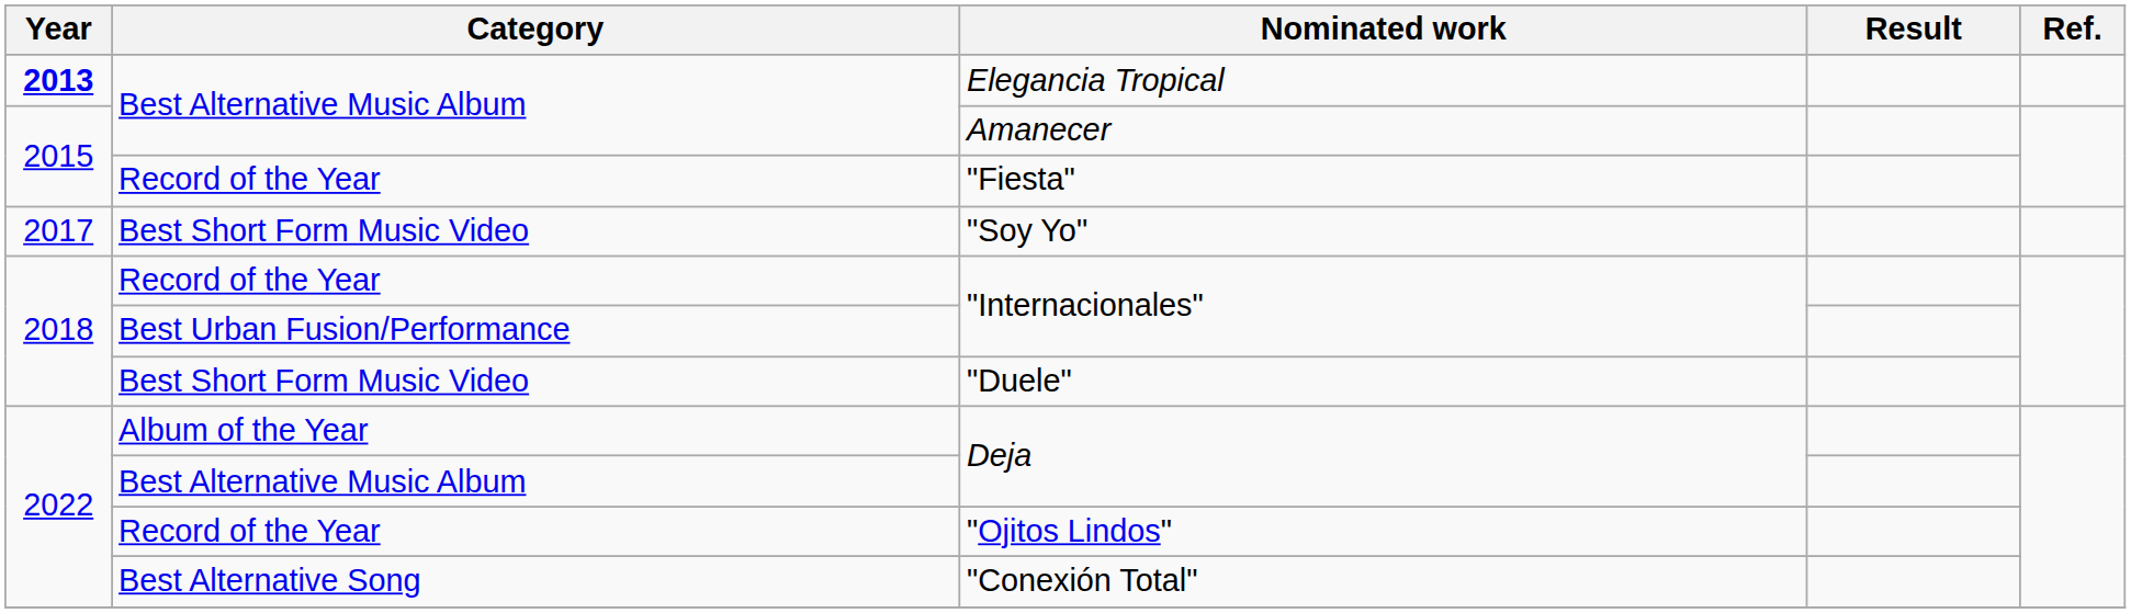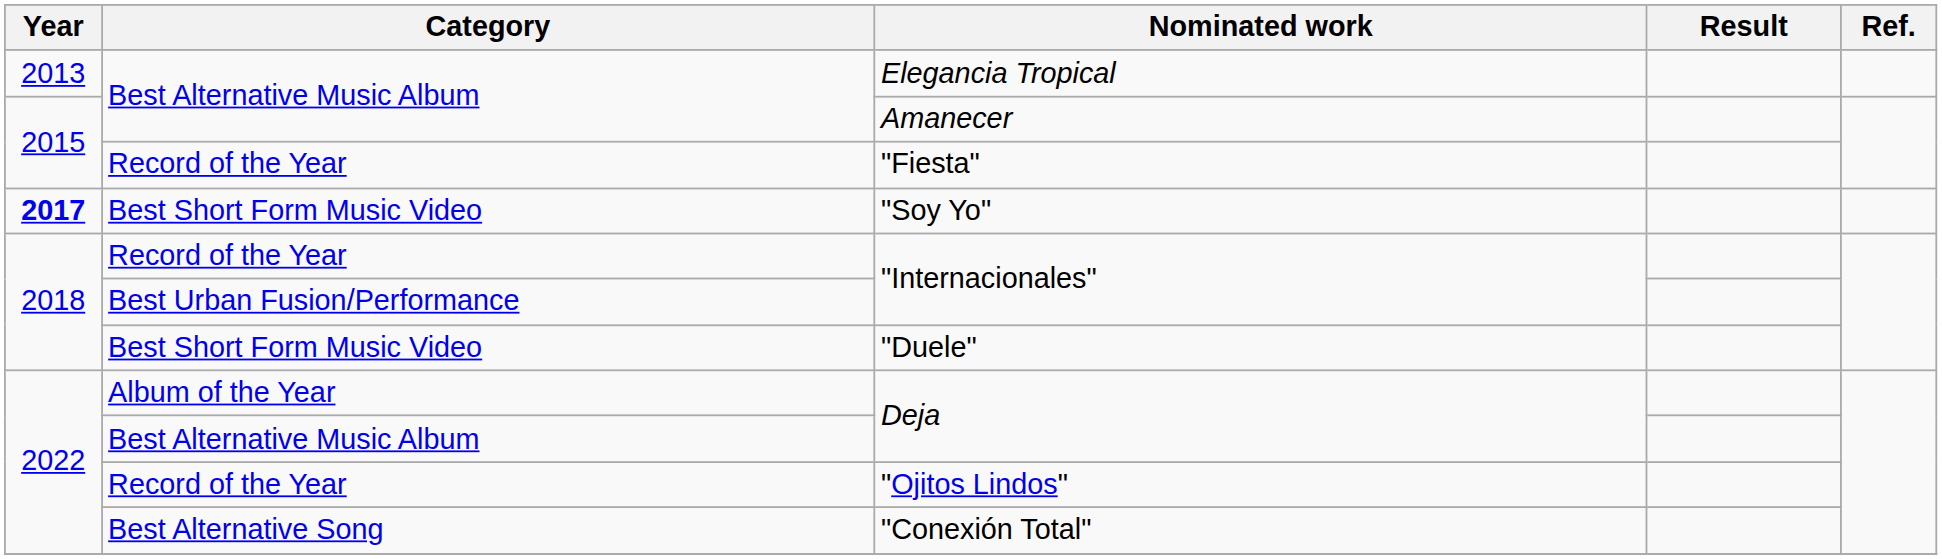 <table class="wikitable" style="width:85%;">
 <tr>
 <th width=5%>Year</th>
 <th style="width:40%;">Category</th>
 <th style="width:40%;">Nominated work</th>
 <th style="width:10%;">Result</th>
 <th style="width:5%;">Ref.</th>
 </tr>
 <tr>
-<td style="text-align:center;"><strong><a href='#'>2013</a></strong></td>
+<td style="text-align:center;"><a href='#'>2013</a></td>
 <td rowspan="2"><a href='#'>Best Alternative Music Album</a></td>
 <td><em>Elegancia Tropical</em></td>
 <td></td>
 <td></td>
 </tr>
 <tr>
 <td style="text-align:center;" rowspan="2"><a href='#'>2015</a></td>
 <td><em>Amanecer</em></td>
 <td></td>
 <td rowspan="2"></td>
 </tr>
 <tr>
 <td><a href='#'>Record of the Year</a></td>
 <td>"Fiesta"</td>
 <td></td>
 </tr>
 <tr>
-<td style="text-align:center;"><a href='#'>2017</a></td>
+<td style="text-align:center;"><strong><a href='#'>2017</a></strong></td>
 <td><a href='#'>Best Short Form Music Video</a></td>
 <td>"Soy Yo"</td>
 <td></td>
 <td></td>
 </tr>
 <tr>
 <td style="text-align:center;" rowspan="3"><a href='#'>2018</a></td>
 <td><a href='#'>Record of the Year</a></td>
 <td rowspan="2">"Internacionales"</td>
 <td></td>
 <td rowspan="3"></td>
 </tr>
 <tr>
 <td><a href='#'>Best Urban Fusion/Performance</a></td>
 <td></td>
 </tr>
 <tr>
 <td><a href='#'>Best Short Form Music Video</a></td>
 <td>"Duele"</td>
 <td></td>
 </tr>
 <tr>
 <td style="text-align:center;" rowspan="4"><a href='#'>2022</a></td>
 <td><a href='#'>Album of the Year</a></td>
 <td rowspan="2"><em>Deja</em></td>
 <td></td>
 <td rowspan="4"></td>
 </tr>
 <tr>
 <td><a href='#'>Best Alternative Music Album</a></td>
 <td></td>
 </tr>
 <tr>
 <td><a href='#'>Record of the Year</a></td>
 <td>"<a href='#'>Ojitos Lindos</a>" </td>
 <td></td>
 </tr>
 <tr>
 <td><a href='#'>Best Alternative Song</a></td>
 <td>"Conexión Total" </td>
 <td></td>
 </tr>
 <tr>
 </tr>
 </table>
